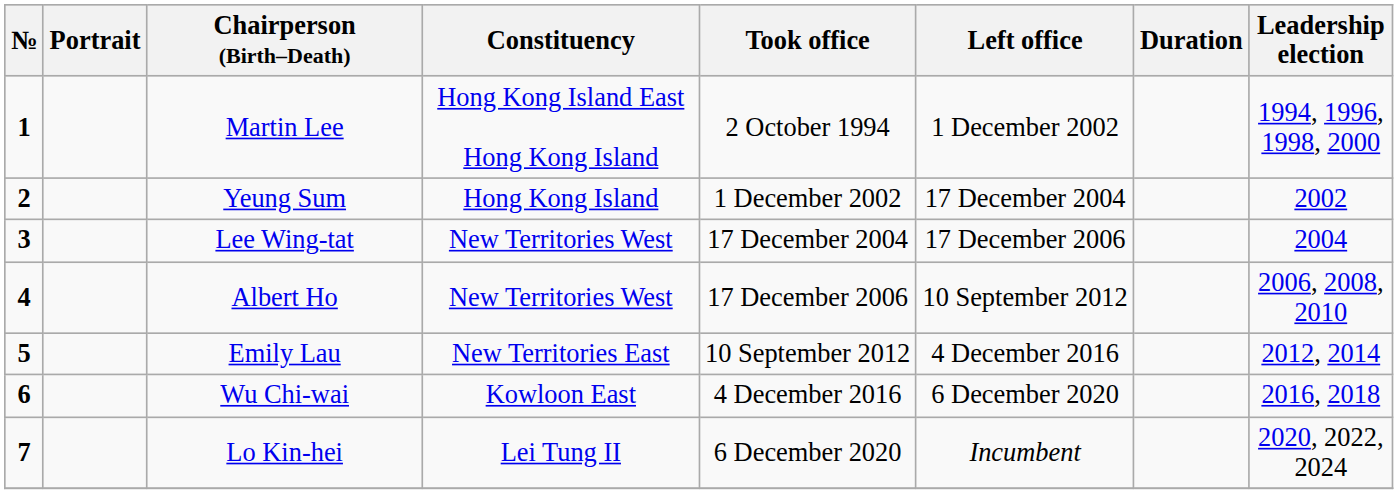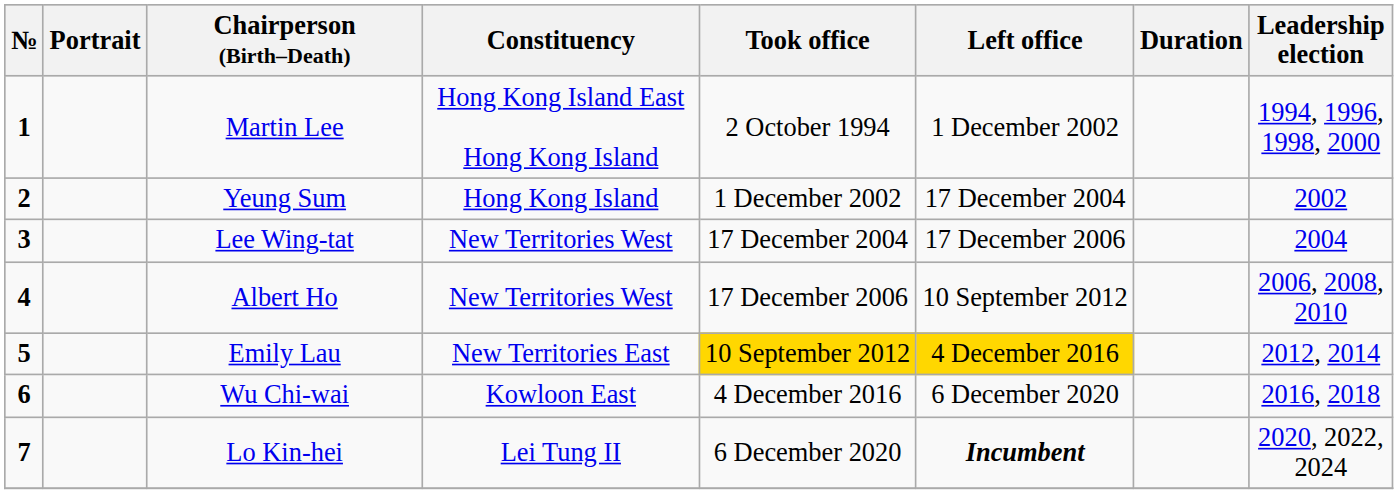 <table class="wikitable" style="text-align:center">
 <tr>
 <th>№</th>
 <th>Portrait</th>
 <th width=160px>Chairperson<br><small>(Birth–Death)</small></th>
 <th width=160px>Constituency</th>
 <th>Took office</th>
 <th>Left office</th>
 <th>Duration</th>
 <th width=80px>Leadership<br>election</th>
 </tr>
 <tr>
 <td><strong>1</strong></td>
 <td></td>
 <td><a href='#'>Martin Lee</a><br></td>
 <td><a href='#'>Hong Kong Island East</a><br><br><a href='#'>Hong Kong Island</a><br></td>
 <td>2 October 1994</td>
 <td>1 December 2002</td>
 <td></td>
 <td><a href='#'>1994</a>, <a href='#'>1996</a>, <a href='#'>1998</a>, <a href='#'>2000</a></td>
 </tr>
 <tr>
 <td><strong>2</strong></td>
 <td></td>
 <td><a href='#'>Yeung Sum</a><br></td>
 <td><a href='#'>Hong Kong Island</a></td>
 <td>1 December 2002</td>
 <td>17 December 2004</td>
 <td></td>
 <td><a href='#'>2002</a></td>
 </tr>
 <tr>
 <td><strong>3</strong></td>
 <td></td>
 <td><a href='#'>Lee Wing-tat</a><br></td>
 <td><a href='#'>New Territories West</a></td>
 <td>17 December 2004</td>
 <td>17 December 2006</td>
 <td></td>
 <td><a href='#'>2004</a></td>
 </tr>
 <tr>
 <td><strong>4</strong></td>
 <td></td>
 <td><a href='#'>Albert Ho</a><br></td>
 <td><a href='#'>New Territories West</a></td>
 <td>17 December 2006</td>
 <td>10 September 2012</td>
 <td></td>
 <td><a href='#'>2006</a>, <a href='#'>2008</a>, <a href='#'>2010</a></td>
 </tr>
 <tr>
 <td><strong>5</strong></td>
 <td></td>
 <td><a href='#'>Emily Lau</a><br></td>
 <td><a href='#'>New Territories East</a></td>
-<td>10 September 2012</td>
-<td>4 December 2016</td>
+<td style="background: gold;">10 September 2012</td>
+<td style="background: gold;">4 December 2016</td>
 <td></td>
 <td><a href='#'>2012</a>, <a href='#'>2014</a></td>
 </tr>
 <tr>
 <td><strong>6</strong></td>
 <td></td>
 <td><a href='#'>Wu Chi-wai</a><br></td>
 <td><a href='#'>Kowloon East</a></td>
 <td>4 December 2016</td>
 <td>6 December 2020</td>
 <td></td>
 <td><a href='#'>2016</a>, <a href='#'>2018</a></td>
 </tr>
 <tr>
 <td><strong>7</strong></td>
 <td></td>
 <td><a href='#'>Lo Kin-hei</a><br></td>
 <td><a href='#'>Lei Tung II</a><br></td>
 <td>6 December 2020</td>
-<td><em>Incumbent</em></td>
+<td><strong><em>Incumbent</em></strong></td>
 <td></td>
 <td><a href='#'>2020</a>, 2022, 2024</td>
 </tr>
 <tr>
 </tr>
 </table>
